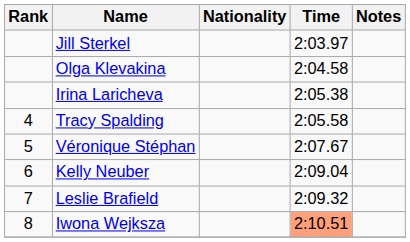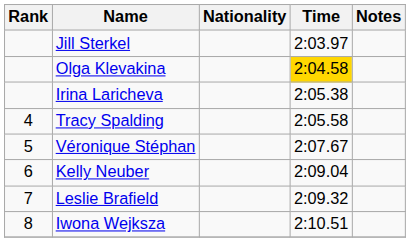 <table class="wikitable sortable" style="text-align:center">
 <tr>
 <th>Rank</th>
 <th>Name</th>
 <th>Nationality</th>
 <th>Time</th>
 <th>Notes</th>
 </tr>
 <tr>
 <td></td>
 <td align="left"><a href='#'>Jill Sterkel</a></td>
 <td align="left"></td>
 <td>2:03.97</td>
 <td></td>
 </tr>
 <tr>
 <td></td>
 <td align="left"><a href='#'>Olga Klevakina</a></td>
 <td align="left"></td>
-<td>2:04.58</td>
+<td style="background: gold;">2:04.58</td>
 <td></td>
 </tr>
 <tr>
 <td></td>
 <td align="left"><a href='#'>Irina Laricheva</a></td>
 <td align="left"></td>
 <td>2:05.38</td>
 <td></td>
 </tr>
 <tr>
 <td>4</td>
 <td align="left"><a href='#'>Tracy Spalding</a></td>
 <td align="left"></td>
 <td>2:05.58</td>
 <td></td>
 </tr>
 <tr>
 <td>5</td>
 <td align="left"><a href='#'>Véronique Stéphan</a></td>
 <td align="left"></td>
 <td>2:07.67</td>
 <td></td>
 </tr>
 <tr>
 <td>6</td>
 <td align="left"><a href='#'>Kelly Neuber</a></td>
 <td align="left"></td>
 <td>2:09.04</td>
 <td></td>
 </tr>
 <tr>
 <td>7</td>
 <td align="left"><a href='#'>Leslie Brafield</a></td>
 <td align="left"></td>
 <td>2:09.32</td>
 <td></td>
 </tr>
 <tr>
 <td>8</td>
 <td align="left"><a href='#'>Iwona Wejksza</a></td>
 <td align="left"></td>
-<td style="background: lightsalmon;">2:10.51</td>
+<td>2:10.51</td>
 <td></td>
 </tr>
 <tr>
 </tr>
 </table>
